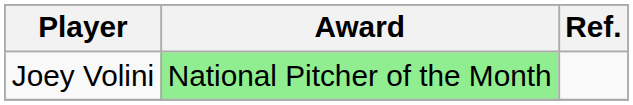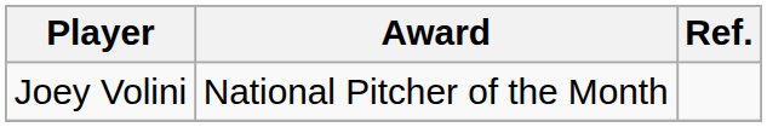 <table class="wikitable" style="text-align:center;">
 <tr>
 <th>Player</th>
 <th>Award</th>
 <th>Ref.</th>
 </tr>
 <tr>
 <td>Joey Volini</td>
-<td style="background: lightgreen;">National Pitcher of the Month</td>
+<td>National Pitcher of the Month</td>
 <td></td>
 </tr>
 <tr>
 </tr>
 </table>
